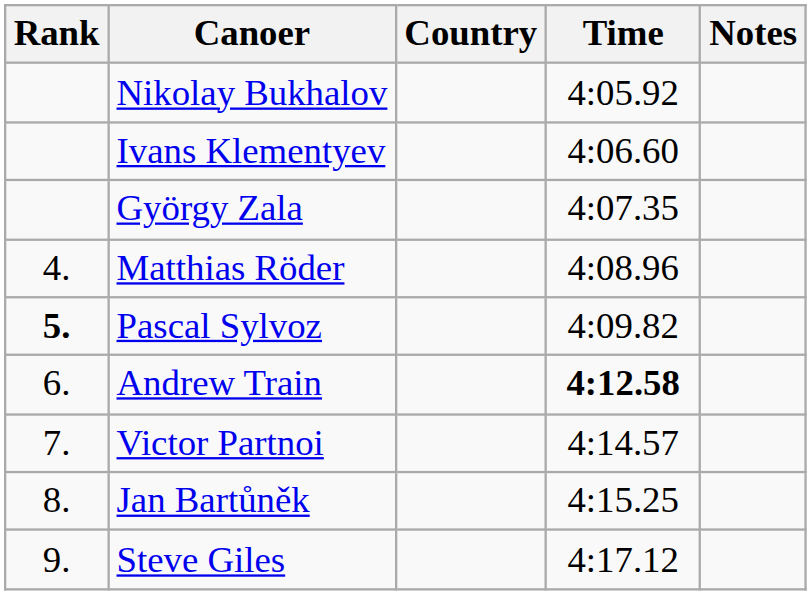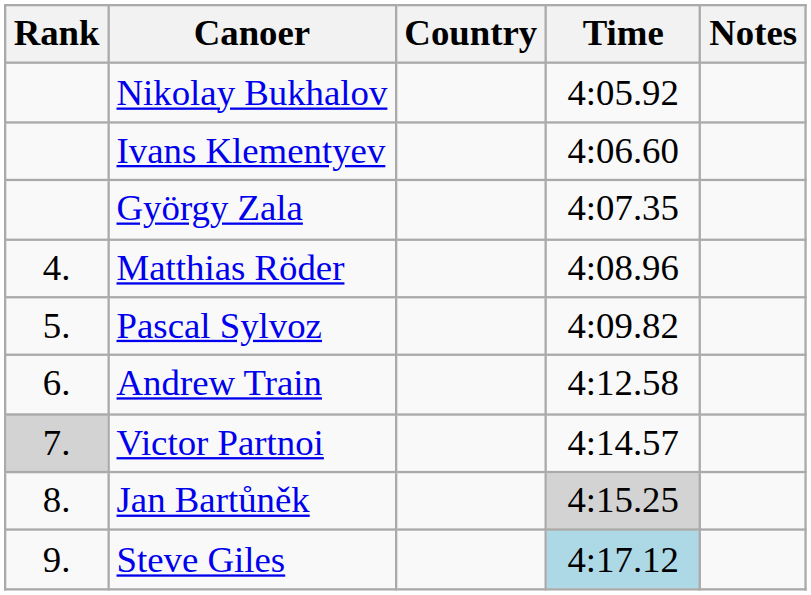 <table class="wikitable sortable" style="text-align:center">
 <tr>
 <th>Rank</th>
 <th>Canoer</th>
 <th>Country</th>
 <th>Time</th>
 <th>Notes</th>
 </tr>
 <tr>
 <td></td>
 <td align=left athlete><a href='#'>Nikolay Bukhalov</a></td>
 <td align=left athlete></td>
 <td width=60>4:05.92</td>
 <td></td>
 </tr>
 <tr>
 <td></td>
 <td align=left athlete><a href='#'>Ivans Klementyev</a></td>
 <td align=left athlete></td>
 <td>4:06.60</td>
 <td></td>
 </tr>
 <tr>
 <td></td>
 <td align=left athlete><a href='#'>György Zala</a></td>
 <td align=left athlete></td>
 <td>4:07.35</td>
 <td></td>
 </tr>
 <tr>
 <td>4.</td>
 <td align=left athlete><a href='#'>Matthias Röder</a></td>
 <td align=left athlete></td>
 <td>4:08.96</td>
 <td></td>
 </tr>
 <tr>
-<td><strong>5.</strong></td>
+<td>5.</td>
 <td align=left athlete><a href='#'>Pascal Sylvoz</a></td>
 <td align=left athlete></td>
 <td>4:09.82</td>
 <td></td>
 </tr>
 <tr>
 <td>6.</td>
 <td align=left athlete><a href='#'>Andrew Train</a></td>
 <td align=left athlete></td>
-<td><strong>4:12.58</strong></td>
+<td>4:12.58</td>
 <td></td>
 </tr>
 <tr>
-<td>7.</td>
+<td style="background: lightgrey;">7.</td>
 <td align=left athlete><a href='#'>Victor Partnoi</a></td>
 <td align=left athlete></td>
 <td>4:14.57</td>
 <td></td>
 </tr>
 <tr>
 <td>8.</td>
 <td align=left athlete><a href='#'>Jan Bartůněk</a></td>
 <td align=left athlete></td>
-<td>4:15.25</td>
+<td style="background: lightgrey;">4:15.25</td>
 <td></td>
 </tr>
 <tr>
 <td>9.</td>
 <td align=left athlete><a href='#'>Steve Giles</a></td>
 <td align=left athlete></td>
-<td>4:17.12</td>
+<td style="background: lightblue;">4:17.12</td>
 </tr>
 </table>
